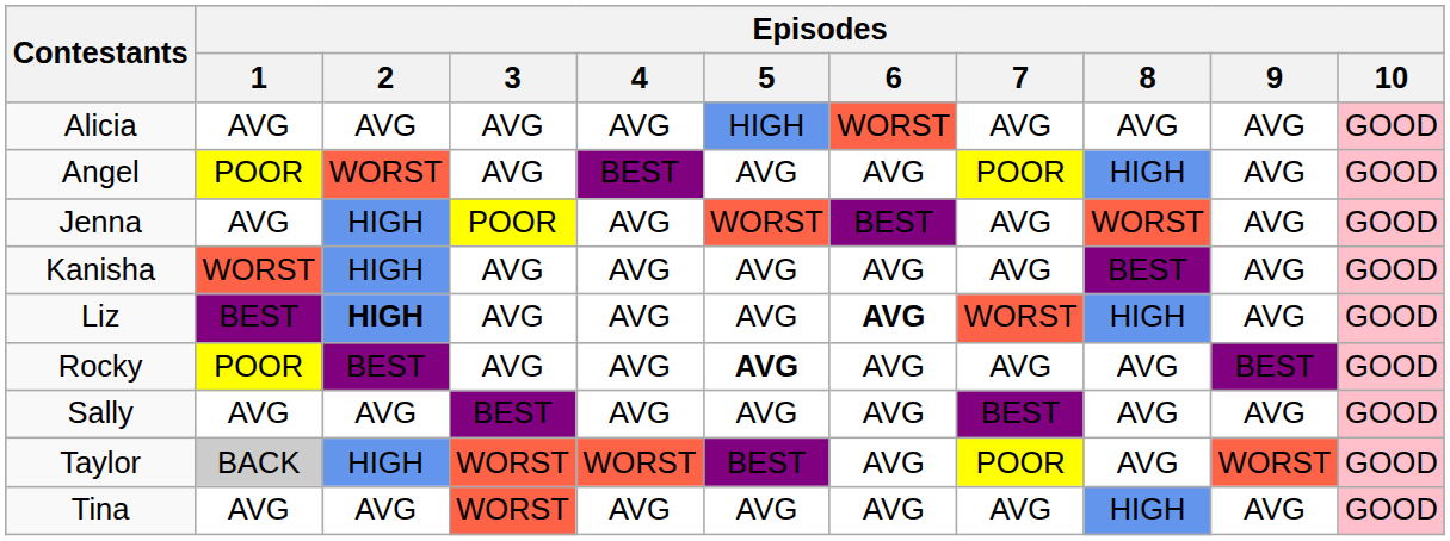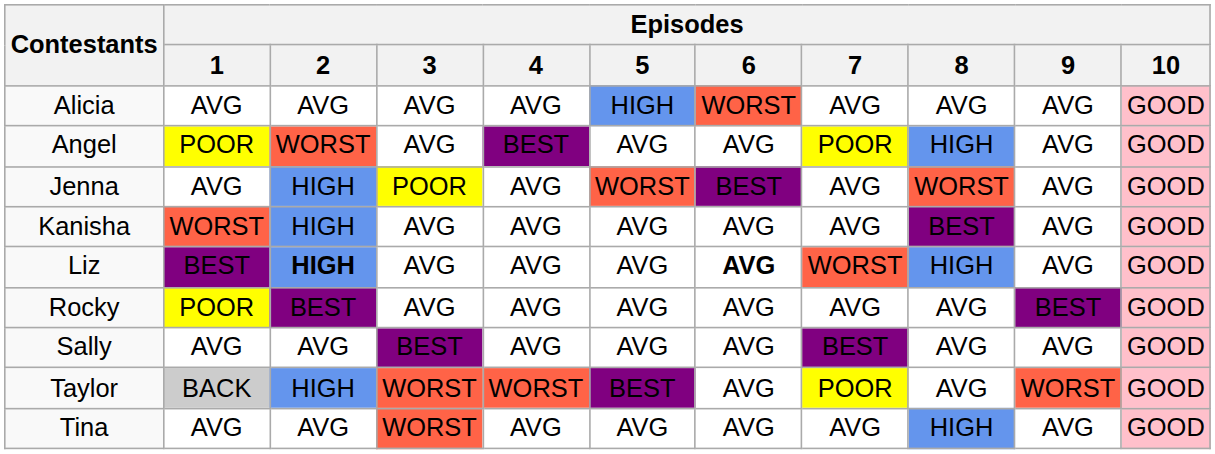 <table class="wikitable" style="text-align:center">
 <tr>
 <th rowspan=2>Contestants</th>
 <th colspan=10>Episodes</th>
 </tr>
 <tr>
 <th>1</th>
 <th>2</th>
 <th>3</th>
 <th>4</th>
 <th>5</th>
 <th>6</th>
 <th>7</th>
 <th>8</th>
 <th>9</th>
 <th>10</th>
 </tr>
 <tr>
 <td>Alicia</td>
 <td bgcolor="white">AVG</td>
 <td bgcolor="white">AVG</td>
 <td bgcolor="white">AVG</td>
 <td bgcolor="white">AVG</td>
 <td bgcolor="cornflowerblue">HIGH</td>
 <td bgcolor="tomato">WORST</td>
 <td bgcolor="white">AVG</td>
 <td bgcolor="white">AVG</td>
 <td bgcolor="white">AVG</td>
 <td bgcolor="pink">GOOD</td>
 </tr>
 <tr>
 <td>Angel</td>
 <td bgcolor="yellow">POOR</td>
 <td bgcolor="tomato">WORST</td>
 <td bgcolor="white">AVG</td>
 <td bgcolor="purple"><span>BEST</span></td>
 <td bgcolor="white">AVG</td>
 <td bgcolor="white">AVG</td>
 <td bgcolor="yellow">POOR</td>
 <td bgcolor="cornflowerblue">HIGH</td>
 <td bgcolor="white">AVG</td>
 <td bgcolor="pink">GOOD</td>
 </tr>
 <tr>
 <td>Jenna</td>
 <td bgcolor="white">AVG</td>
 <td bgcolor="cornflowerblue">HIGH</td>
 <td bgcolor="yellow">POOR</td>
 <td bgcolor="white">AVG</td>
 <td bgcolor="tomato">WORST</td>
 <td bgcolor="purple"><span>BEST</span></td>
 <td bgcolor="white">AVG</td>
 <td bgcolor="tomato">WORST</td>
 <td bgcolor="white">AVG</td>
 <td bgcolor="pink">GOOD</td>
 </tr>
 <tr>
 <td>Kanisha</td>
 <td bgcolor="tomato">WORST</td>
 <td bgcolor="cornflowerblue">HIGH</td>
 <td bgcolor="white">AVG</td>
 <td bgcolor="white">AVG</td>
 <td bgcolor="white">AVG</td>
 <td bgcolor="white">AVG</td>
 <td bgcolor="white">AVG</td>
 <td bgcolor="purple"><span>BEST</span></td>
 <td bgcolor="white">AVG</td>
 <td bgcolor="pink">GOOD</td>
 </tr>
 <tr>
 <td>Liz</td>
 <td bgcolor="purple"><span>BEST</span></td>
 <td bgcolor="cornflowerblue"><strong>HIGH</strong></td>
 <td bgcolor="white">AVG</td>
 <td bgcolor="white">AVG</td>
 <td bgcolor="white">AVG</td>
 <td bgcolor="white"><strong>AVG</strong></td>
 <td bgcolor="tomato">WORST</td>
 <td bgcolor="cornflowerblue">HIGH</td>
 <td bgcolor="white">AVG</td>
 <td bgcolor="pink">GOOD</td>
 </tr>
 <tr>
 <td>Rocky</td>
 <td bgcolor="yellow">POOR</td>
 <td bgcolor="purple"><span>BEST</span></td>
 <td bgcolor="white">AVG</td>
 <td bgcolor="white">AVG</td>
-<td bgcolor="white"><strong>AVG</strong></td>
+<td bgcolor="white">AVG</td>
 <td bgcolor="white">AVG</td>
 <td bgcolor="white">AVG</td>
 <td bgcolor="white">AVG</td>
 <td bgcolor="purple"><span>BEST</span></td>
 <td bgcolor="pink">GOOD</td>
 </tr>
 <tr>
 <td>Sally</td>
 <td bgcolor="white">AVG</td>
 <td bgcolor="white">AVG</td>
 <td bgcolor="purple"><span>BEST</span></td>
 <td bgcolor="white">AVG</td>
 <td bgcolor="white">AVG</td>
 <td bgcolor="white">AVG</td>
 <td bgcolor="purple"><span>BEST</span></td>
 <td bgcolor="white">AVG</td>
 <td bgcolor="white">AVG</td>
 <td bgcolor="pink">GOOD</td>
 </tr>
 <tr>
 <td>Taylor</td>
 <td bgcolor="#CCCCCC">BACK</td>
 <td bgcolor="cornflowerblue">HIGH</td>
 <td bgcolor="tomato">WORST</td>
 <td bgcolor="tomato">WORST</td>
 <td bgcolor="purple"><span>BEST</span></td>
 <td bgcolor="white">AVG</td>
 <td bgcolor="yellow">POOR</td>
 <td bgcolor="white">AVG</td>
 <td bgcolor="tomato">WORST</td>
 <td bgcolor="pink">GOOD</td>
 </tr>
 <tr>
 <td>Tina</td>
 <td bgcolor="white">AVG</td>
 <td bgcolor="white">AVG</td>
 <td bgcolor="tomato">WORST</td>
 <td bgcolor="white">AVG</td>
 <td bgcolor="white">AVG</td>
 <td bgcolor="white">AVG</td>
 <td bgcolor="white">AVG</td>
 <td bgcolor="cornflowerblue">HIGH</td>
 <td bgcolor="white">AVG</td>
 <td bgcolor="pink">GOOD</td>
 </tr>
 </table>
